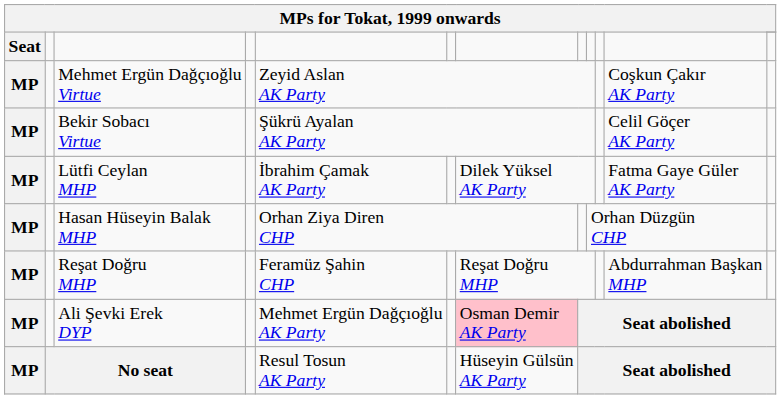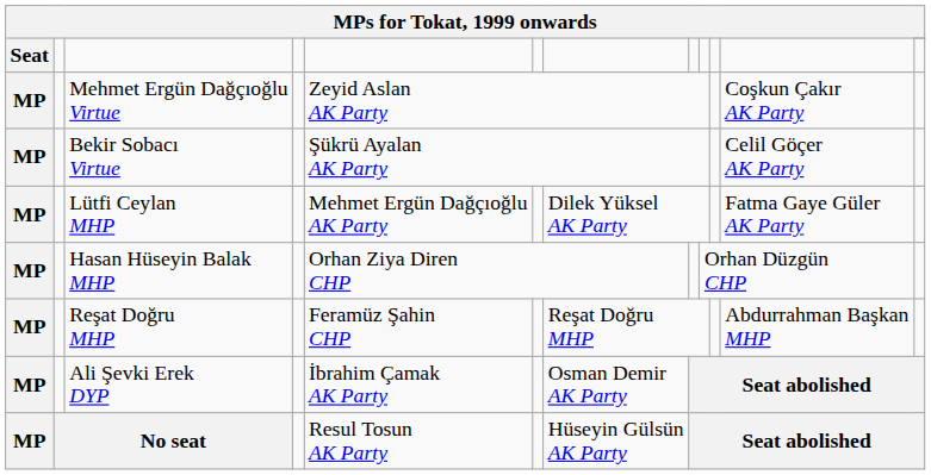 <table class="wikitable">
 <tr>
 <th colspan = 12>MPs for Tokat, 1999 onwards</th>
 </tr>
 <tr>
 <th rowspan = 2>Seat</th>
 <td rowspan="2" style="width:1px;"></td>
 <td rowspan = 2></td>
 <td rowspan="2" style="width:1px;"></td>
 <td rowspan = 2></td>
 <td rowspan="2" style="width:1px;"></td>
 <td rowspan = 2></td>
 <td rowspan="2" style="width:1px;"></td>
 <td rowspan = 2></td>
 <td rowspan="2" style="width:1px;"></td>
 <td rowspan = 2></td>
 </tr>
 <tr>
 <td></td>
 </tr>
 <tr>
 <th>MP</th>
 <td width=1px style="background-color: "></td>
 <td colspan = 1>Mehmet Ergün Dağçıoğlu<br><em><a href='#'>Virtue</a></em></td>
 <td width=1px style="background-color: "></td>
 <td colspan = 5>Zeyid Aslan<br><em><a href='#'>AK Party</a></em></td>
 <td width=1px style="background-color: "></td>
 <td colspan = 1>Coşkun Çakır<br><em><a href='#'>AK Party</a></em></td>
 <td width=1px style="background-color: "></td>
 </tr>
 <tr>
 <th>MP</th>
 <td width=1px style="background-color: "></td>
 <td colspan = 1>Bekir Sobacı<br><em><a href='#'>Virtue</a></em></td>
 <td width=1px style="background-color: "></td>
 <td colspan = 5>Şükrü Ayalan<br><em><a href='#'>AK Party</a></em></td>
 <td width=1px style="background-color: "></td>
 <td colspan = 1>Celil Göçer<br><em><a href='#'>AK Party</a></em></td>
 <td width=1px style="background-color: "></td>
 </tr>
 <tr>
 <th>MP</th>
 <td width=1px style="background-color: "></td>
 <td colspan = 1>Lütfi Ceylan<br><em><a href='#'>MHP</a></em></td>
 <td width=1px style="background-color: "></td>
-<td colspan = 1>İbrahim Çamak<br><em><a href='#'>AK Party</a></em></td>
+<td colspan = 1>Mehmet Ergün Dağçıoğlu<br><em><a href='#'>AK Party</a></em></td>
 <td width=1px style="background-color: "></td>
 <td colspan = 3>Dilek Yüksel<br><em><a href='#'>AK Party</a></em></td>
 <td width=1px style="background-color: "></td>
 <td colspan = 1>Fatma Gaye Güler<br><em><a href='#'>AK Party</a></em></td>
 <td width=1px style="background-color: "></td>
 </tr>
 <tr>
 <th>MP</th>
 <td width=1px style="background-color: "></td>
 <td colspan = 1>Hasan Hüseyin Balak<br><em><a href='#'>MHP</a></em></td>
 <td width=1px style="background-color: "></td>
 <td colspan = 3>Orhan Ziya Diren<br><em><a href='#'>CHP</a></em></td>
 <td width=1px style="background-color: "></td>
 <td colspan = 3>Orhan Düzgün<br><em><a href='#'>CHP</a></em></td>
 <td width=1px style="background-color: "></td>
 </tr>
 <tr>
 <th>MP</th>
 <td width=1px style="background-color: "></td>
 <td colspan = 1>Reşat Doğru<br><em><a href='#'>MHP</a></em></td>
 <td width=1px style="background-color: "></td>
 <td colspan = 1>Feramüz Şahin<br><em><a href='#'>CHP</a></em></td>
 <td width=1px style="background-color: "></td>
 <td colspan = 3>Reşat Doğru<br><em><a href='#'>MHP</a></em></td>
 <td width=1px style="background-color: "></td>
 <td colspan = 1>Abdurrahman Başkan<br><em><a href='#'>MHP</a></em></td>
 <td width=1px style="background-color: "></td>
 </tr>
 <tr>
 <th>MP</th>
 <td width=1px style="background-color: "></td>
 <td colspan = 1>Ali Şevki Erek<br><em><a href='#'>DYP</a></em></td>
 <td width=1px style="background-color: "></td>
-<td colspan = 1>Mehmet Ergün Dağçıoğlu<br><em><a href='#'>AK Party</a></em></td>
+<td colspan = 1>İbrahim Çamak<br><em><a href='#'>AK Party</a></em></td>
 <td width=1px style="background-color: "></td>
-<td colspan = 1 style="background: pink;">Osman Demir<br><em><a href='#'>AK Party</a></em></td>
+<td colspan = 1>Osman Demir<br><em><a href='#'>AK Party</a></em></td>
 <th colspan = 5>Seat abolished</th>
 </tr>
 <tr>
 <th>MP</th>
 <th colspan = 2>No seat</th>
 <td width=1px style="background-color: "></td>
 <td colspan = 1>Resul Tosun<br><em><a href='#'>AK Party</a></em></td>
 <td width=1px style="background-color: "></td>
 <td colspan = 1>Hüseyin Gülsün<br><em><a href='#'>AK Party</a></em></td>
 <th colspan = 5>Seat abolished</th>
 </tr>
 </table>
